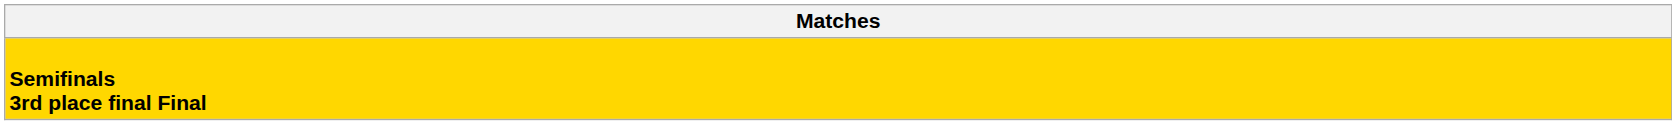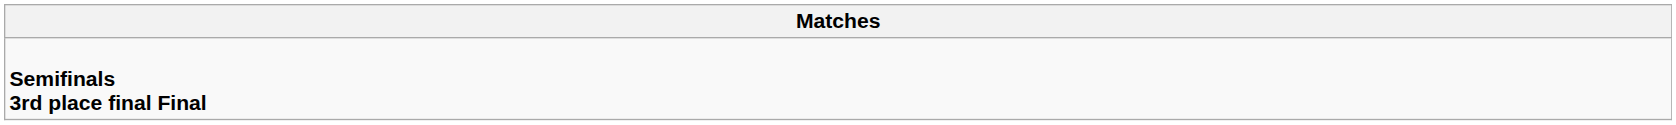 <table class="wikitable collapsible collapsed" style="width:100%;">
 <tr>
 <th>Matches</th>
 </tr>
 <tr>
-<td style="background: gold;"><br><strong>Semifinals</strong>  <br><strong>3rd place final</strong>  <strong>Final</strong> </td>
+<td><br><strong>Semifinals</strong>  <br><strong>3rd place final</strong>  <strong>Final</strong> </td>
 </tr>
 </table>
